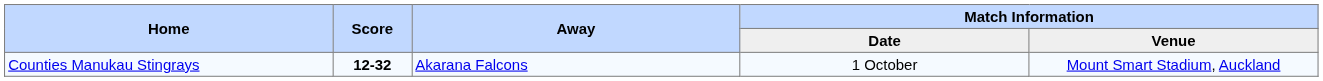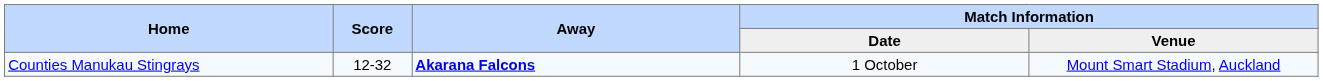 <table border=1 style="border-collapse:collapse; font-size:90%; text-align:center;" cellpadding=3 cellspacing=0 width=100%>
 <tr bgcolor=#C1D8FF>
 <th rowspan=2 width=25%>Home</th>
 <th rowspan=2 width=6%>Score</th>
 <th rowspan=2 width=25%>Away</th>
 <th colspan=6>Match Information</th>
 </tr>
 <tr bgcolor=#EFEFEF>
 <th width=22%>Date</th>
 <th width=22%>Venue</th>
 </tr>
 <tr bgcolor=#F5FAFF>
 <td align=left><a href='#'>Counties Manukau Stingrays</a></td>
-<td><strong>12-32</strong></td>
-<td align=left><a href='#'>Akarana Falcons</a></td>
+<td>12-32</td>
+<td align=left><strong><a href='#'>Akarana Falcons</a></strong></td>
 <td>1 October</td>
 <td><a href='#'>Mount Smart Stadium</a>, <a href='#'>Auckland</a></td>
 </tr>
 </table>
